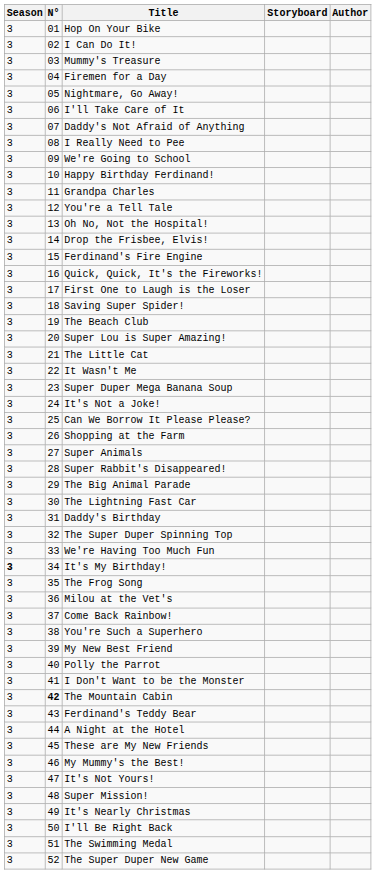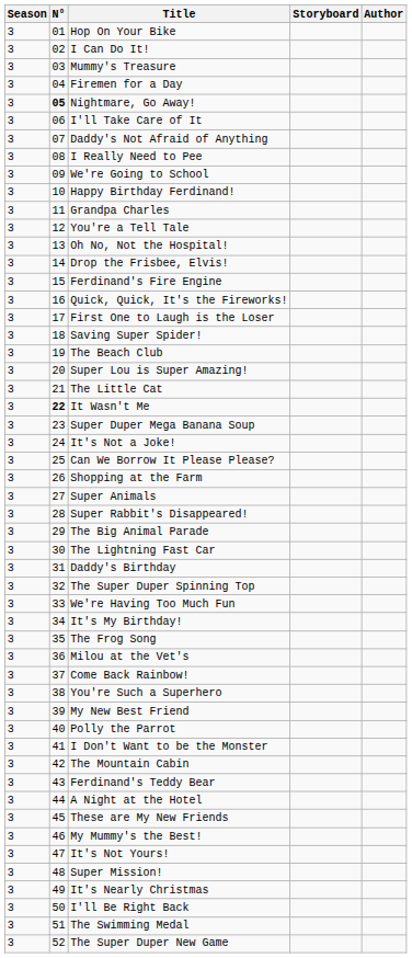 <table class="wikitable sortable">
 <tr>
 <th>Season</th>
 <th>N°</th>
 <th>Title</th>
 <th>Storyboard</th>
 <th>Author</th>
 </tr>
 <tr>
 <td>3</td>
 <td>01</td>
 <td>Hop On Your Bike</td>
 <td></td>
 <td></td>
 </tr>
 <tr>
 <td>3</td>
 <td>02</td>
 <td>I Can Do It!</td>
 <td></td>
 <td></td>
 </tr>
 <tr>
 <td>3</td>
 <td>03</td>
 <td>Mummy's Treasure</td>
 <td></td>
 <td></td>
 </tr>
 <tr>
 <td>3</td>
 <td>04</td>
 <td>Firemen for a Day</td>
 <td></td>
 <td></td>
 </tr>
 <tr>
 <td>3</td>
-<td>05</td>
+<td><strong>05</strong></td>
 <td>Nightmare, Go Away!</td>
 <td></td>
 <td></td>
 </tr>
 <tr>
 <td>3</td>
 <td>06</td>
 <td>I'll Take Care of It</td>
 <td></td>
 <td></td>
 </tr>
 <tr>
 <td>3</td>
 <td>07</td>
 <td>Daddy's Not Afraid of Anything</td>
 <td></td>
 <td></td>
 </tr>
 <tr>
 <td>3</td>
 <td>08</td>
 <td>I Really Need to Pee</td>
 <td></td>
 <td></td>
 </tr>
 <tr>
 <td>3</td>
 <td>09</td>
 <td>We're Going to School</td>
 <td></td>
 <td></td>
 </tr>
 <tr>
 <td>3</td>
 <td>10</td>
 <td>Happy Birthday Ferdinand!</td>
 <td></td>
 <td></td>
 </tr>
 <tr>
 <td>3</td>
 <td>11</td>
 <td>Grandpa Charles</td>
 <td></td>
 <td></td>
 </tr>
 <tr>
 <td>3</td>
 <td>12</td>
 <td>You're a Tell Tale</td>
 <td></td>
 <td></td>
 </tr>
 <tr>
 <td>3</td>
 <td>13</td>
 <td>Oh No, Not the Hospital!</td>
 <td></td>
 <td></td>
 </tr>
 <tr>
 <td>3</td>
 <td>14</td>
 <td>Drop the Frisbee, Elvis!</td>
 <td></td>
 <td></td>
 </tr>
 <tr>
 <td>3</td>
 <td>15</td>
 <td>Ferdinand's Fire Engine</td>
 <td></td>
 <td></td>
 </tr>
 <tr>
 <td>3</td>
 <td>16</td>
 <td>Quick, Quick, It's the Fireworks!</td>
 <td></td>
 <td></td>
 </tr>
 <tr>
 <td>3</td>
 <td>17</td>
 <td>First One to Laugh is the Loser</td>
 <td></td>
 <td></td>
 </tr>
 <tr>
 <td>3</td>
 <td>18</td>
 <td>Saving Super Spider!</td>
 <td></td>
 <td></td>
 </tr>
 <tr>
 <td>3</td>
 <td>19</td>
 <td>The Beach Club</td>
 <td></td>
 <td></td>
 </tr>
 <tr>
 <td>3</td>
 <td>20</td>
 <td>Super Lou is Super Amazing!</td>
 <td></td>
 <td></td>
 </tr>
 <tr>
 <td>3</td>
 <td>21</td>
 <td>The Little Cat</td>
 <td></td>
 <td></td>
 </tr>
 <tr>
 <td>3</td>
-<td>22</td>
+<td><strong>22</strong></td>
 <td>It Wasn't Me</td>
 <td></td>
 <td></td>
 </tr>
 <tr>
 <td>3</td>
 <td>23</td>
 <td>Super Duper Mega Banana Soup</td>
 <td></td>
 <td></td>
 </tr>
 <tr>
 <td>3</td>
 <td>24</td>
 <td>It's Not a Joke!</td>
 <td></td>
 <td></td>
 </tr>
 <tr>
 <td>3</td>
 <td>25</td>
 <td>Can We Borrow It Please Please?</td>
 <td></td>
 <td></td>
 </tr>
 <tr>
 <td>3</td>
 <td>26</td>
 <td>Shopping at the Farm</td>
 <td></td>
 <td></td>
 </tr>
 <tr>
 <td>3</td>
 <td>27</td>
 <td>Super Animals</td>
 <td></td>
 <td></td>
 </tr>
 <tr>
 <td>3</td>
 <td>28</td>
 <td>Super Rabbit's Disappeared!</td>
 <td></td>
 <td></td>
 </tr>
 <tr>
 <td>3</td>
 <td>29</td>
 <td>The Big Animal Parade</td>
 <td></td>
 <td></td>
 </tr>
 <tr>
 <td>3</td>
 <td>30</td>
 <td>The Lightning Fast Car</td>
 <td></td>
 <td></td>
 </tr>
 <tr>
 <td>3</td>
 <td>31</td>
 <td>Daddy's Birthday</td>
 <td></td>
 <td></td>
 </tr>
 <tr>
 <td>3</td>
 <td>32</td>
 <td>The Super Duper Spinning Top</td>
 <td></td>
 <td></td>
 </tr>
 <tr>
 <td>3</td>
 <td>33</td>
 <td>We're Having Too Much Fun</td>
 <td></td>
 <td></td>
 </tr>
 <tr>
-<td><strong>3</strong></td>
+<td>3</td>
 <td>34</td>
 <td>It's My Birthday!</td>
 <td></td>
 <td></td>
 </tr>
 <tr>
 <td>3</td>
 <td>35</td>
 <td>The Frog Song</td>
 <td></td>
 <td></td>
 </tr>
 <tr>
 <td>3</td>
 <td>36</td>
 <td>Milou at the Vet's</td>
 <td></td>
 <td></td>
 </tr>
 <tr>
 <td>3</td>
 <td>37</td>
 <td>Come Back Rainbow!</td>
 <td></td>
 <td></td>
 </tr>
 <tr>
 <td>3</td>
 <td>38</td>
 <td>You're Such a Superhero</td>
 <td></td>
 <td></td>
 </tr>
 <tr>
 <td>3</td>
 <td>39</td>
 <td>My New Best Friend</td>
 <td></td>
 <td></td>
 </tr>
 <tr>
 <td>3</td>
 <td>40</td>
 <td>Polly the Parrot</td>
 <td></td>
 <td></td>
 </tr>
 <tr>
 <td>3</td>
 <td>41</td>
 <td>I Don't Want to be the Monster</td>
 <td></td>
 <td></td>
 </tr>
 <tr>
 <td>3</td>
-<td><strong>42</strong></td>
+<td>42</td>
 <td>The Mountain Cabin</td>
 <td></td>
 <td></td>
 </tr>
 <tr>
 <td>3</td>
 <td>43</td>
 <td>Ferdinand's Teddy Bear</td>
 <td></td>
 <td></td>
 </tr>
 <tr>
 <td>3</td>
 <td>44</td>
 <td>A Night at the Hotel</td>
 <td></td>
 <td></td>
 </tr>
 <tr>
 <td>3</td>
 <td>45</td>
 <td>These are My New Friends</td>
 <td></td>
 <td></td>
 </tr>
 <tr>
 <td>3</td>
 <td>46</td>
 <td>My Mummy's the Best!</td>
 <td></td>
 <td></td>
 </tr>
 <tr>
 <td>3</td>
 <td>47</td>
 <td>It's Not Yours!</td>
 <td></td>
 <td></td>
 </tr>
 <tr>
 <td>3</td>
 <td>48</td>
 <td>Super Mission!</td>
 <td></td>
 <td></td>
 </tr>
 <tr>
 <td>3</td>
 <td>49</td>
 <td>It's Nearly Christmas</td>
 <td></td>
 <td></td>
 </tr>
 <tr>
 <td>3</td>
 <td>50</td>
 <td>I'll Be Right Back</td>
 <td></td>
 <td></td>
 </tr>
 <tr>
 <td>3</td>
 <td>51</td>
 <td>The Swimming Medal</td>
 <td></td>
 <td></td>
 </tr>
 <tr>
 <td>3</td>
 <td>52</td>
 <td>The Super Duper New Game</td>
 <td></td>
 <td></td>
 </tr>
 </table>
